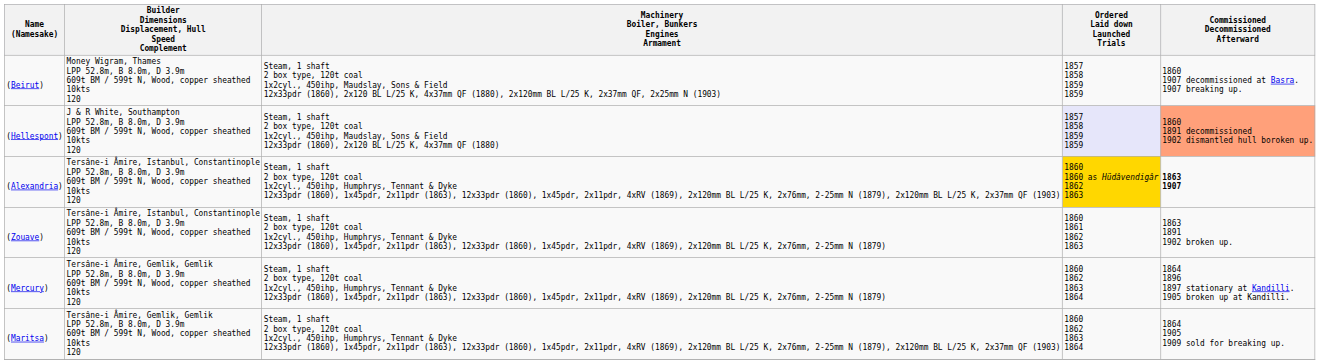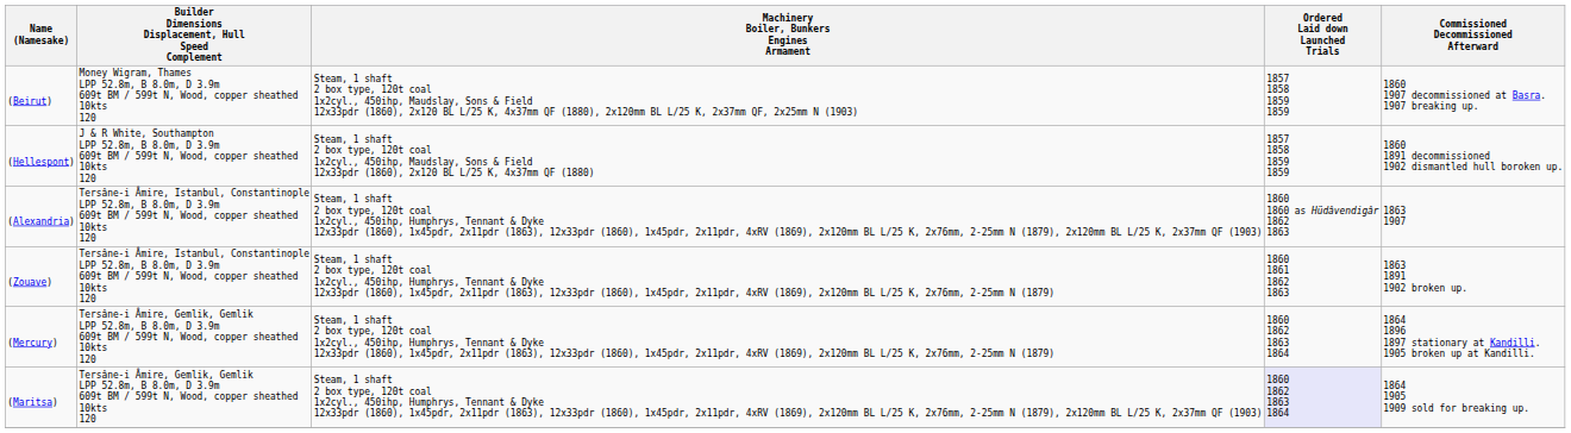 <table class="wikitable" style="font-size:90%;">
 <tr bgcolor="#e6e9ff">
 <th>Name<br>(Namesake)</th>
 <th>Builder<br>Dimensions<br>Displacement, Hull<br>Speed<br>Complement</th>
 <th>Machinery<br>Boiler, Bunkers<br>Engines<br>Armament</th>
 <th>Ordered<br>Laid down<br>Launched<br>Trials</th>
 <th>Commissioned<br>Decommissioned<br>Afterward</th>
 </tr>
 <tr ---->
 <td><br>(<a href='#'>Beirut</a>)</td>
 <td> Money Wigram, Thames<br>LPP 52.8m, B 8.0m, D 3.9m<br>609t BM / 599t N, Wood, copper sheathed<br>10kts<br>120</td>
 <td>Steam, 1 shaft<br>2 box type, 120t coal<br>1x2cyl., 450ihp, Maudslay, Sons & Field<br>12x33pdr (1860), 2x120 BL L/25 K, 4x37mm QF (1880), 2x120mm BL L/25 K, 2x37mm QF, 2x25mm N (1903)</td>
 <td>1857<br>1858<br>1859<br>1859</td>
 <td>1860<br>1907 decommissioned at <a href='#'>Basra</a>.<br>1907 breaking up.</td>
 </tr>
 <tr ---->
 <td><br>(<a href='#'>Hellespont</a>)</td>
 <td> J & R White, Southampton<br>LPP 52.8m, B 8.0m, D 3.9m<br>609t BM / 599t N, Wood, copper sheathed<br>10kts<br>120</td>
 <td>Steam, 1 shaft<br>2 box type, 120t coal<br>1x2cyl., 450ihp, Maudslay, Sons & Field<br>12x33pdr (1860), 2x120 BL L/25 K, 4x37mm QF (1880)</td>
-<td style="background: lavender;">1857<br>1858<br>1859<br>1859</td>
-<td style="background: lightsalmon;">1860<br>1891 decommissioned<br>1902 dismantled hull boroken up.</td>
+<td>1857<br>1858<br>1859<br>1859</td>
+<td>1860<br>1891 decommissioned<br>1902 dismantled hull boroken up.</td>
 </tr>
 <tr ---->
 <td><br>(<a href='#'>Alexandria</a>)</td>
 <td> Tersâne-i Âmire, Istanbul, Constantinople<br>LPP 52.8m, B 8.0m, D 3.9m<br>609t BM / 599t N, Wood, copper sheathed<br>10kts<br>120</td>
 <td>Steam, 1 shaft<br>2 box type, 120t coal<br>1x2cyl., 450ihp, Humphrys, Tennant & Dyke<br>12x33pdr (1860), 1x45pdr, 2x11pdr (1863), 12x33pdr (1860), 1x45pdr, 2x11pdr, 4xRV (1869), 2x120mm BL L/25 K, 2x76mm, 2-25mm N (1879), 2x120mm BL L/25 K, 2x37mm QF (1903)</td>
-<td style="background: gold;">1860<br>1860 as <em>Hüdâvendigâr</em><br>1862<br>1863</td>
-<td><strong>1863<br>1907</strong></td>
+<td>1860<br>1860 as <em>Hüdâvendigâr</em><br>1862<br>1863</td>
+<td>1863<br>1907</td>
 </tr>
 <tr ---->
 <td><br>(<a href='#'>Zouave</a>)</td>
 <td> Tersâne-i Âmire, Istanbul, Constantinople<br>LPP 52.8m, B 8.0m, D 3.9m<br>609t BM / 599t N, Wood, copper sheathed<br>10kts<br>120</td>
 <td>Steam, 1 shaft<br>2 box type, 120t coal<br>1x2cyl., 450ihp, Humphrys, Tennant & Dyke<br>12x33pdr (1860), 1x45pdr, 2x11pdr (1863), 12x33pdr (1860), 1x45pdr, 2x11pdr, 4xRV (1869), 2x120mm BL L/25 K, 2x76mm, 2-25mm N (1879)</td>
 <td>1860<br>1861<br>1862<br>1863</td>
 <td>1863<br>1891<br>1902 broken up.</td>
 </tr>
 <tr ---->
 <td><br>(<a href='#'>Mercury</a>)</td>
 <td> Tersâne-i Âmire, Gemlik, Gemlik<br>LPP 52.8m, B 8.0m, D 3.9m<br>609t BM / 599t N, Wood, copper sheathed<br>10kts<br>120</td>
 <td>Steam, 1 shaft<br>2 box type, 120t coal<br>1x2cyl., 450ihp, Humphrys, Tennant & Dyke<br>12x33pdr (1860), 1x45pdr, 2x11pdr (1863), 12x33pdr (1860), 1x45pdr, 2x11pdr, 4xRV (1869), 2x120mm BL L/25 K, 2x76mm, 2-25mm N (1879)</td>
 <td>1860<br>1862<br>1863<br>1864</td>
 <td>1864<br>1896<br>1897 stationary at <a href='#'>Kandilli</a>.<br>1905 broken up at Kandilli.</td>
 </tr>
 <tr ---->
 <td><br>(<a href='#'>Maritsa</a>)</td>
 <td> Tersâne-i Âmire, Gemlik, Gemlik<br>LPP 52.8m, B 8.0m, D 3.9m<br>609t BM / 599t N, Wood, copper sheathed<br>10kts<br>120</td>
 <td>Steam, 1 shaft<br>2 box type, 120t coal<br>1x2cyl., 450ihp, Humphrys, Tennant & Dyke<br>12x33pdr (1860), 1x45pdr, 2x11pdr (1863), 12x33pdr (1860), 1x45pdr, 2x11pdr, 4xRV (1869), 2x120mm BL L/25 K, 2x76mm, 2-25mm N (1879), 2x120mm BL L/25 K, 2x37mm QF (1903)</td>
-<td>1860<br>1862<br>1863<br>1864</td>
+<td style="background: lavender;">1860<br>1862<br>1863<br>1864</td>
 <td>1864<br>1905<br>1909 sold for breaking up.</td>
 </tr>
 <tr --->
 </tr>
 </table>
